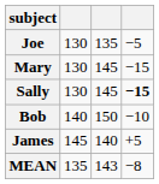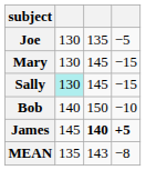 <table class="wikitable" align="center">
 <tr>
 <th>subject</th>
 <th></th>
 <th></th>
 <th></th>
 </tr>
 <tr>
 <th>Joe</th>
 <td>130</td>
 <td>135</td>
 <td>−5</td>
 </tr>
 <tr>
 <th>Mary</th>
 <td>130</td>
 <td>145</td>
 <td>−15</td>
 </tr>
 <tr>
 <th>Sally</th>
-<td>130</td>
+<td style="background: paleturquoise;">130</td>
 <td>145</td>
-<td><strong>−15</strong></td>
+<td>−15</td>
 </tr>
 <tr>
 <th>Bob</th>
 <td>140</td>
 <td>150</td>
 <td>−10</td>
 </tr>
 <tr>
 <th>James</th>
 <td>145</td>
-<td>140</td>
-<td>+5</td>
+<td><strong>140</strong></td>
+<td><strong>+5</strong></td>
 </tr>
 <tr>
 <th>MEAN</th>
 <td>135</td>
 <td>143</td>
 <td>−8</td>
 </tr>
 </table>
